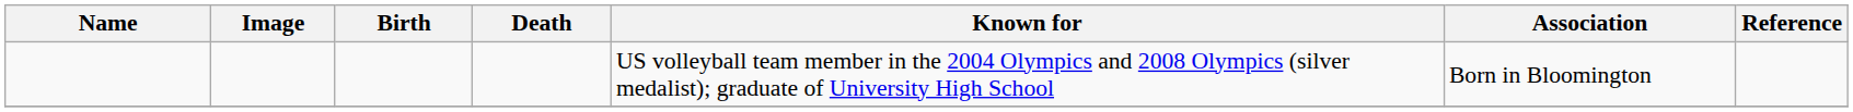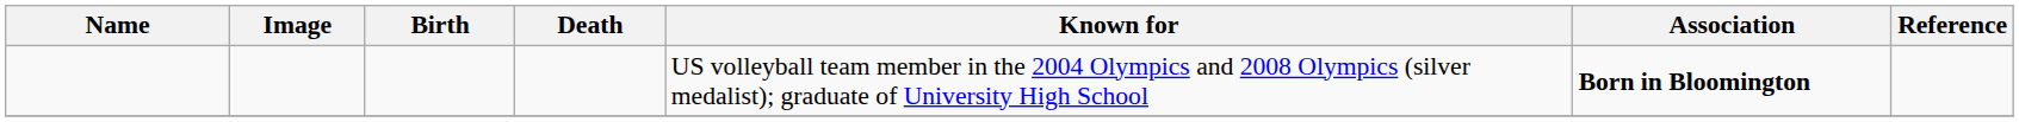 <table class="wikitable sortable">
 <tr>
 <th scope="col" width="140">Name</th>
 <th scope="col" width="80" class="unsortable">Image</th>
 <th scope="col" width="90">Birth</th>
 <th scope="col" width="90">Death</th>
 <th scope="col" width="600" class="unsortable">Known for</th>
 <th scope="col" width="200" class="unsortable">Association</th>
 <th scope="col" width="30" class="unsortable">Reference</th>
 </tr>
 <tr>
 <td></td>
 <td></td>
 <td align=right></td>
 <td></td>
 <td>US volleyball team member in the <a href='#'>2004 Olympics</a> and <a href='#'>2008 Olympics</a> (silver medalist); graduate of <a href='#'>University High School</a></td>
-<td>Born in Bloomington</td>
+<td><strong>Born in Bloomington</strong></td>
 <td align="center"></td>
 </tr>
 <tr>
 </tr>
 </table>
